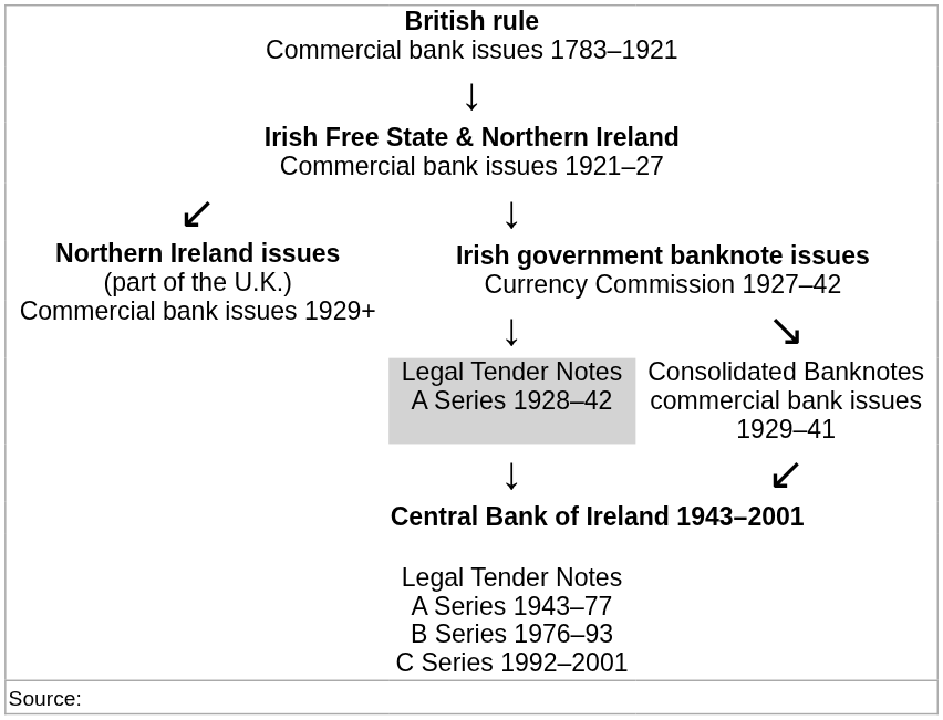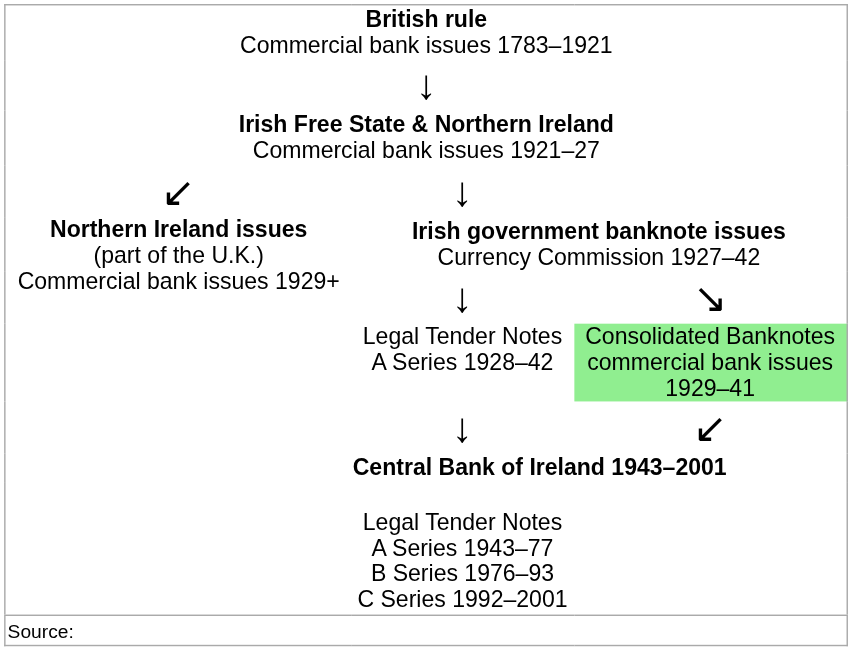 <table align="right" style="border-collapse: collapse; border: 1px #aaa solid; margin: 0 0 1em 1em;">
 <tr>
 <td colspan="3" style="text-align: center"><strong>British rule</strong><br>Commercial bank issues 1783–1921</td>
 </tr>
 <tr>
 <td colspan="3" style="text-align: center; font-size: 180%">↓</td>
 </tr>
 <tr>
 <td colspan="3" style="text-align: center"><strong>Irish Free State & Northern Ireland</strong><br>Commercial bank issues 1921–27</td>
 </tr>
 <tr>
 <td style="text-align: center; font-size: 180%">↙</td>
 <td style="text-align: center; font-size: 180%">↓</td>
 <td></td>
 </tr>
 <tr>
 <td rowspan="6" style="text-align: center; vertical-align: top; padding: 0 0.5em;"><strong>Northern Ireland issues</strong><br>(part of the U.K.)<br>Commercial bank issues 1929+</td>
 <td colspan="2" style="text-align: center"><strong>Irish government banknote issues</strong><br>Currency Commission 1927–42</td>
 </tr>
 <tr>
 <td style="text-align: center; font-size: 180%">↓</td>
 <td style="text-align: center; font-size: 180%">↘</td>
 </tr>
 <tr>
-<td style="background: lightgrey; text-align: center; vertical-align: top; padding: 0 0.5em;">Legal Tender Notes<br>A Series 1928–42</td>
-<td style="text-align: center; vertical-align: top; padding: 0 0.5em;">Consolidated Banknotes<br>commercial bank issues<br>1929–41</td>
+<td style="text-align: center; vertical-align: top; padding: 0 0.5em;">Legal Tender Notes<br>A Series 1928–42</td>
+<td style="background: lightgreen; text-align: center; vertical-align: top; padding: 0 0.5em;">Consolidated Banknotes<br>commercial bank issues<br>1929–41</td>
 </tr>
 <tr>
 <td style="text-align: center; font-size: 180%">↓</td>
 <td style="text-align: center; font-size: 180%">↙</td>
 </tr>
 <tr>
 <td colspan="2"><strong>Central Bank of Ireland 1943–2001</strong></td>
 </tr>
 <tr>
 <td style="text-align: center;"><br>Legal Tender Notes<br> A Series 1943–77<br> B Series 1976–93<br> C Series 1992–2001</td>
 <td></td>
 </tr>
 <tr>
 <td colspan="3" style="border-top: 1px #aaa solid;"><small>Source: </small></td>
 </tr>
 </table>
